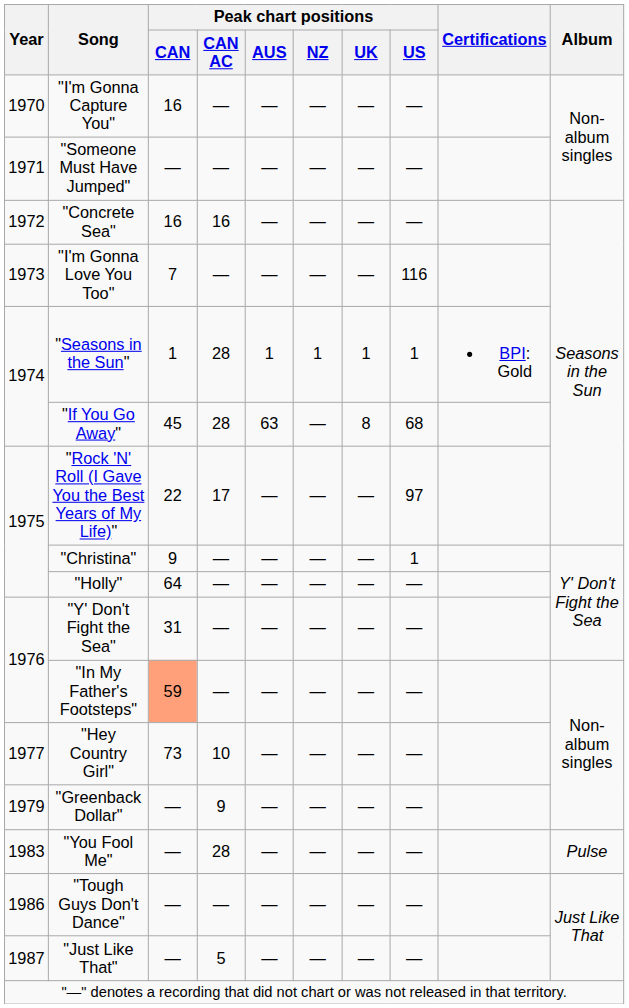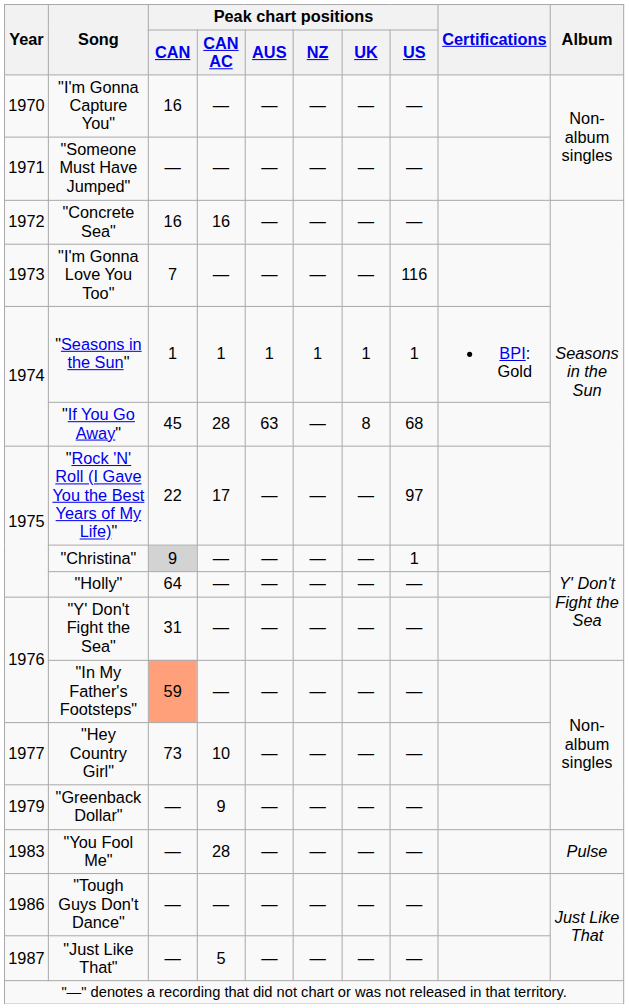 <table class="wikitable" style="text-align:center;" border="1">
 <tr>
 <th rowspan="2">Year</th>
 <th rowspan="2">Song</th>
 <th colspan="6">Peak chart positions</th>
 <th rowspan="2"><a href='#'>Certifications</a></th>
 <th rowspan="2">Album</th>
 </tr>
 <tr>
 <th style="width:40px;"><a href='#'>CAN</a><br></th>
 <th style="width:40px;"><a href='#'>CAN<br>AC</a><br></th>
 <th style="width:40px;"><a href='#'>AUS</a><br></th>
 <th style="width:40px;"><a href='#'>NZ</a><br></th>
 <th style="width:40px;"><a href='#'>UK</a><br></th>
 <th style="width:40px;"><a href='#'>US</a><br></th>
 </tr>
 <tr>
 <td>1970</td>
 <td>"I'm Gonna Capture You"</td>
 <td style="text-align:center;">16</td>
 <td style="text-align:center;">—</td>
 <td style="text-align:center;">—</td>
 <td>—</td>
 <td style="text-align:center;">—</td>
 <td style="text-align:center;">—</td>
 <td></td>
 <td rowspan="2">Non-album singles</td>
 </tr>
 <tr>
 <td>1971</td>
 <td>"Someone Must Have Jumped"</td>
 <td style="text-align:center;">—</td>
 <td style="text-align:center;">—</td>
 <td style="text-align:center;">—</td>
 <td>—</td>
 <td style="text-align:center;">—</td>
 <td style="text-align:center;">—</td>
 <td></td>
 </tr>
 <tr>
 <td>1972</td>
 <td>"Concrete Sea"</td>
 <td style="text-align:center;">16</td>
 <td style="text-align:center;">16</td>
 <td style="text-align:center;">—</td>
 <td>—</td>
 <td style="text-align:center;">—</td>
 <td style="text-align:center;">—</td>
 <td></td>
 <td rowspan="5"><em>Seasons in the Sun</em></td>
 </tr>
 <tr>
 <td>1973</td>
 <td>"I'm Gonna Love You Too"</td>
 <td style="text-align:center;">7</td>
 <td style="text-align:center;">—</td>
 <td style="text-align:center;">—</td>
 <td>—</td>
 <td style="text-align:center;">—</td>
 <td style="text-align:center;">116</td>
 <td></td>
 </tr>
 <tr>
 <td rowspan="2">1974</td>
 <td>"<a href='#'>Seasons in the Sun</a>"</td>
 <td style="text-align:center;">1</td>
-<td style="text-align:center;">28</td>
+<td style="text-align:center;">1</td>
 <td style="text-align:center;">1</td>
 <td>1</td>
 <td style="text-align:center;">1</td>
 <td style="text-align:center;">1</td>
 <td><br><ul><li><a href='#'>BPI</a>: Gold</li></ul></td>
 </tr>
 <tr>
 <td>"<a href='#'>If You Go Away</a>"</td>
 <td style="text-align:center;">45</td>
 <td style="text-align:center;">28</td>
 <td style="text-align:center;">63</td>
 <td>—</td>
 <td style="text-align:center;">8</td>
 <td style="text-align:center;">68</td>
 <td></td>
 </tr>
 <tr>
 <td rowspan="3">1975</td>
 <td>"<a href='#'>Rock 'N' Roll (I Gave You the Best Years of My Life)</a>"</td>
 <td style="text-align:center;">22</td>
 <td style="text-align:center;">17</td>
 <td style="text-align:center;">—</td>
 <td>—</td>
 <td style="text-align:center;">—</td>
 <td style="text-align:center;">97</td>
 <td></td>
 </tr>
 <tr>
 <td>"Christina"</td>
-<td style="text-align:center;">9</td>
+<td style="background: lightgrey; text-align:center;">9</td>
 <td style="text-align:center;">—</td>
 <td style="text-align:center;">—</td>
 <td>—</td>
 <td style="text-align:center;">—</td>
 <td style="text-align:center;">1</td>
 <td></td>
 <td rowspan="3"><em>Y' Don't Fight the Sea</em></td>
 </tr>
 <tr>
 <td>"Holly"</td>
 <td style="text-align:center;">64</td>
 <td style="text-align:center;">—</td>
 <td style="text-align:center;">—</td>
 <td>—</td>
 <td style="text-align:center;">—</td>
 <td style="text-align:center;">—</td>
 <td></td>
 </tr>
 <tr>
 <td rowspan="2">1976</td>
 <td>"Y' Don't Fight the Sea"</td>
 <td style="text-align:center;">31</td>
 <td style="text-align:center;">—</td>
 <td style="text-align:center;">—</td>
 <td>—</td>
 <td style="text-align:center;">—</td>
 <td style="text-align:center;">—</td>
 <td></td>
 </tr>
 <tr>
 <td>"In My Father's Footsteps"</td>
 <td style="background: lightsalmon; text-align:center;">59</td>
 <td style="text-align:center;">—</td>
 <td style="text-align:center;">—</td>
 <td>—</td>
 <td style="text-align:center;">—</td>
 <td style="text-align:center;">—</td>
 <td></td>
 <td rowspan="3">Non-album singles</td>
 </tr>
 <tr>
 <td>1977</td>
 <td>"Hey Country Girl"</td>
 <td style="text-align:center;">73</td>
 <td style="text-align:center;">10</td>
 <td style="text-align:center;">—</td>
 <td>—</td>
 <td style="text-align:center;">—</td>
 <td style="text-align:center;">—</td>
 <td></td>
 </tr>
 <tr>
 <td>1979</td>
 <td>"Greenback Dollar"</td>
 <td style="text-align:center;">—</td>
 <td style="text-align:center;">9</td>
 <td style="text-align:center;">—</td>
 <td>—</td>
 <td style="text-align:center;">—</td>
 <td style="text-align:center;">—</td>
 <td></td>
 </tr>
 <tr>
 <td>1983</td>
 <td>"You Fool Me"</td>
 <td style="text-align:center;">—</td>
 <td style="text-align:center;">28</td>
 <td style="text-align:center;">—</td>
 <td>—</td>
 <td style="text-align:center;">—</td>
 <td style="text-align:center;">—</td>
 <td></td>
 <td><em>Pulse</em></td>
 </tr>
 <tr>
 <td>1986</td>
 <td>"Tough Guys Don't Dance"</td>
 <td style="text-align:center;">—</td>
 <td style="text-align:center;">—</td>
 <td style="text-align:center;">—</td>
 <td>—</td>
 <td style="text-align:center;">—</td>
 <td style="text-align:center;">—</td>
 <td></td>
 <td rowspan="2"><em>Just Like That</em></td>
 </tr>
 <tr>
 <td>1987</td>
 <td>"Just Like That"</td>
 <td style="text-align:center;">—</td>
 <td style="text-align:center;">5</td>
 <td style="text-align:center;">—</td>
 <td>—</td>
 <td style="text-align:center;">—</td>
 <td style="text-align:center;">—</td>
 <td></td>
 </tr>
 <tr>
 <td colspan="10" style="font-size:90%">"—" denotes a recording that did not chart or was not released in that territory.</td>
 </tr>
 </table>
